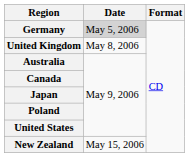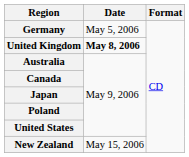 <table class="wikitable plainrowheaders">
 <tr>
 <th scope="col">Region</th>
 <th scope="col">Date</th>
 <th scope="col">Format</th>
 </tr>
 <tr>
 <th scope="row">Germany</th>
-<td style="background: lightgrey;">May 5, 2006</td>
+<td>May 5, 2006</td>
 <td rowspan="8"><a href='#'>CD</a></td>
 </tr>
 <tr>
 <th scope="row">United Kingdom</th>
-<td>May 8, 2006</td>
+<td><strong>May 8, 2006</strong></td>
 </tr>
 <tr>
 <th scope="row">Australia</th>
 <td rowspan="5">May 9, 2006</td>
 </tr>
 <tr>
 <th scope="row">Canada</th>
 </tr>
 <tr>
 <th scope="row">Japan</th>
 </tr>
 <tr>
 <th scope="row">Poland</th>
 </tr>
 <tr>
 <th scope="row">United States</th>
 </tr>
 <tr>
 <th scope="row">New Zealand</th>
 <td>May 15, 2006</td>
 </tr>
 </table>
